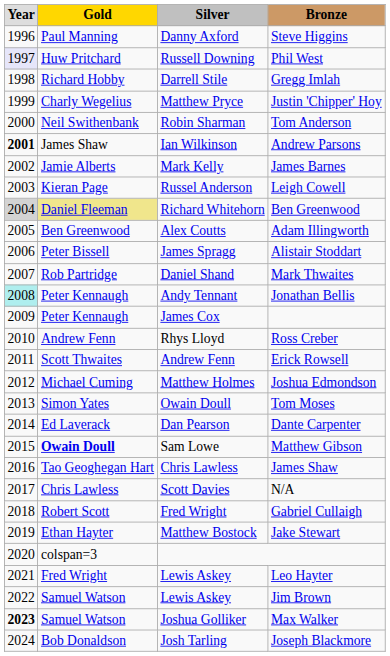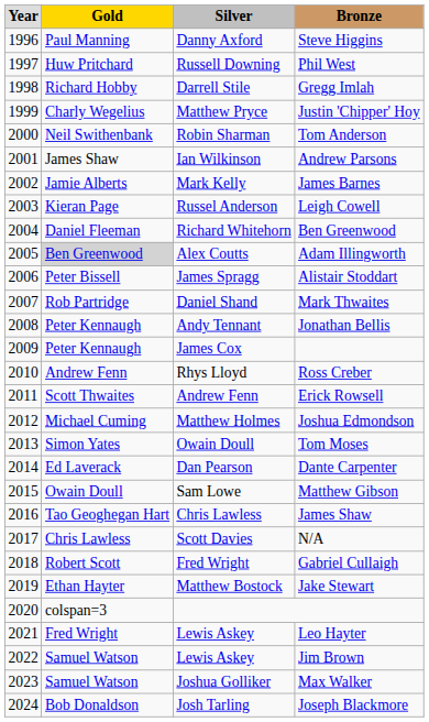 <table class="wikitable" style="text-align:left;">
 <tr style="text-align:center; font-weight:bold;">
 <td style="background:#ddd; ">Year</td>
 <td style="background:gold; ">Gold</td>
 <td style="background:silver; ">Silver</td>
 <td style="background:#c96; ">Bronze</td>
 </tr>
 <tr>
 <td>1996</td>
 <td><a href='#'>Paul Manning</a></td>
 <td><a href='#'>Danny Axford</a></td>
 <td><a href='#'>Steve Higgins</a></td>
 </tr>
 <tr>
-<td style="background: lavender;">1997</td>
+<td>1997</td>
 <td><a href='#'>Huw Pritchard</a></td>
 <td><a href='#'>Russell Downing</a></td>
 <td><a href='#'>Phil West</a></td>
 </tr>
 <tr>
 <td>1998</td>
 <td><a href='#'>Richard Hobby</a></td>
 <td><a href='#'>Darrell Stile</a></td>
 <td><a href='#'>Gregg Imlah</a></td>
 </tr>
 <tr>
 <td>1999</td>
 <td><a href='#'>Charly Wegelius</a></td>
 <td><a href='#'>Matthew Pryce</a></td>
 <td><a href='#'>Justin 'Chipper' Hoy</a></td>
 </tr>
 <tr>
 <td>2000</td>
 <td><a href='#'>Neil Swithenbank</a></td>
 <td><a href='#'>Robin Sharman</a></td>
 <td><a href='#'>Tom Anderson</a></td>
 </tr>
 <tr>
-<td><strong>2001</strong></td>
+<td>2001</td>
 <td>James Shaw</td>
 <td><a href='#'>Ian Wilkinson</a></td>
 <td><a href='#'>Andrew Parsons</a></td>
 </tr>
 <tr>
 <td>2002</td>
 <td><a href='#'>Jamie Alberts</a></td>
 <td><a href='#'>Mark Kelly</a></td>
 <td><a href='#'>James Barnes</a></td>
 </tr>
 <tr>
 <td>2003</td>
 <td><a href='#'>Kieran Page</a></td>
 <td><a href='#'>Russel Anderson</a></td>
 <td><a href='#'>Leigh Cowell</a></td>
 </tr>
 <tr>
-<td style="background: lightgrey;">2004</td>
-<td style="background: khaki;"><a href='#'>Daniel Fleeman</a></td>
+<td>2004</td>
+<td><a href='#'>Daniel Fleeman</a></td>
 <td><a href='#'>Richard Whitehorn</a></td>
 <td><a href='#'>Ben Greenwood</a></td>
 </tr>
 <tr>
 <td>2005</td>
-<td><a href='#'>Ben Greenwood</a></td>
+<td style="background: lightgrey;"><a href='#'>Ben Greenwood</a></td>
 <td><a href='#'>Alex Coutts</a></td>
 <td><a href='#'>Adam Illingworth</a></td>
 </tr>
 <tr>
 <td>2006</td>
 <td><a href='#'>Peter Bissell</a></td>
 <td><a href='#'>James Spragg</a></td>
 <td><a href='#'>Alistair Stoddart</a></td>
 </tr>
 <tr>
 <td>2007</td>
 <td><a href='#'>Rob Partridge</a></td>
 <td><a href='#'>Daniel Shand</a></td>
 <td><a href='#'>Mark Thwaites</a></td>
 </tr>
 <tr>
-<td style="background: paleturquoise;">2008</td>
+<td>2008</td>
 <td><a href='#'>Peter Kennaugh</a></td>
 <td><a href='#'>Andy Tennant</a></td>
 <td><a href='#'>Jonathan Bellis</a></td>
 </tr>
 <tr>
 <td>2009</td>
 <td><a href='#'>Peter Kennaugh</a></td>
 <td><a href='#'>James Cox</a></td>
 <td></td>
 </tr>
 <tr>
 <td>2010</td>
 <td><a href='#'>Andrew Fenn</a></td>
 <td>Rhys Lloyd</td>
 <td><a href='#'>Ross Creber</a></td>
 </tr>
 <tr>
 <td>2011</td>
 <td><a href='#'>Scott Thwaites</a></td>
 <td><a href='#'>Andrew Fenn</a></td>
 <td><a href='#'>Erick Rowsell</a></td>
 </tr>
 <tr>
 <td>2012</td>
 <td><a href='#'>Michael Cuming</a></td>
 <td><a href='#'>Matthew Holmes</a></td>
 <td><a href='#'>Joshua Edmondson</a></td>
 </tr>
 <tr>
 <td>2013</td>
 <td><a href='#'>Simon Yates</a></td>
 <td><a href='#'>Owain Doull</a></td>
 <td><a href='#'>Tom Moses</a></td>
 </tr>
 <tr>
 <td>2014</td>
 <td><a href='#'>Ed Laverack</a></td>
 <td><a href='#'>Dan Pearson</a></td>
 <td><a href='#'>Dante Carpenter</a></td>
 </tr>
 <tr>
 <td>2015</td>
-<td><strong><a href='#'>Owain Doull</a></strong></td>
+<td><a href='#'>Owain Doull</a></td>
 <td>Sam Lowe</td>
 <td><a href='#'>Matthew Gibson</a></td>
 </tr>
 <tr>
 <td>2016</td>
 <td><a href='#'>Tao Geoghegan Hart</a></td>
 <td><a href='#'>Chris Lawless</a></td>
 <td><a href='#'>James Shaw</a></td>
 </tr>
 <tr>
 <td>2017</td>
 <td><a href='#'>Chris Lawless</a></td>
 <td><a href='#'>Scott Davies</a></td>
 <td>N/A</td>
 </tr>
 <tr>
 <td>2018</td>
 <td><a href='#'>Robert Scott</a></td>
 <td><a href='#'>Fred Wright</a></td>
 <td><a href='#'>Gabriel Cullaigh</a></td>
 </tr>
 <tr>
 <td>2019</td>
 <td><a href='#'>Ethan Hayter</a></td>
 <td><a href='#'>Matthew Bostock</a></td>
 <td><a href='#'>Jake Stewart</a></td>
 </tr>
 <tr>
 <td>2020</td>
 <td>colspan=3 </td>
 </tr>
 <tr>
 <td>2021</td>
 <td><a href='#'>Fred Wright</a></td>
 <td><a href='#'>Lewis Askey</a></td>
 <td><a href='#'>Leo Hayter</a></td>
 </tr>
 <tr>
 <td>2022</td>
 <td><a href='#'>Samuel Watson</a></td>
 <td><a href='#'>Lewis Askey</a></td>
 <td><a href='#'>Jim Brown</a></td>
 </tr>
 <tr>
-<td><strong>2023</strong></td>
+<td>2023</td>
 <td><a href='#'>Samuel Watson</a></td>
 <td><a href='#'>Joshua  Golliker</a></td>
 <td><a href='#'>Max Walker</a></td>
 </tr>
 <tr>
 <td>2024</td>
 <td><a href='#'>Bob Donaldson</a></td>
 <td><a href='#'>Josh Tarling</a></td>
 <td><a href='#'>Joseph Blackmore</a></td>
 </tr>
 </table>
